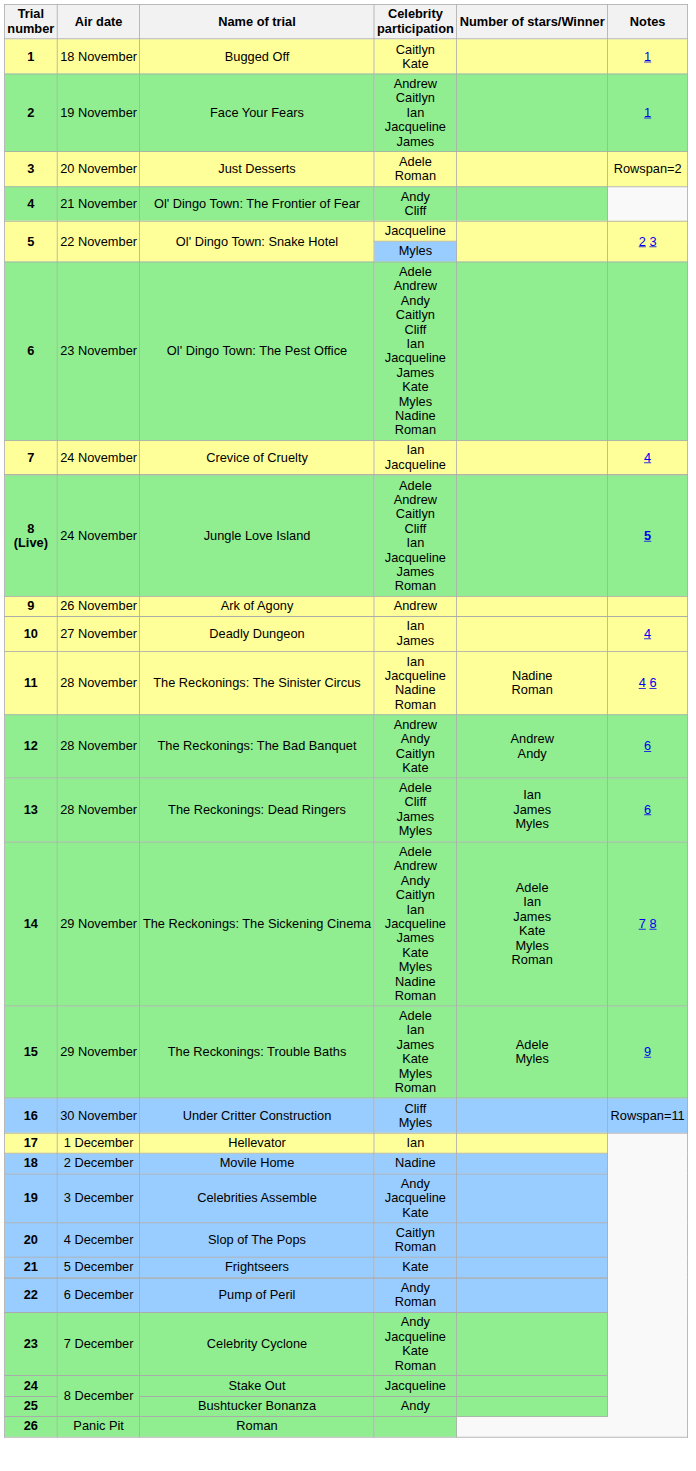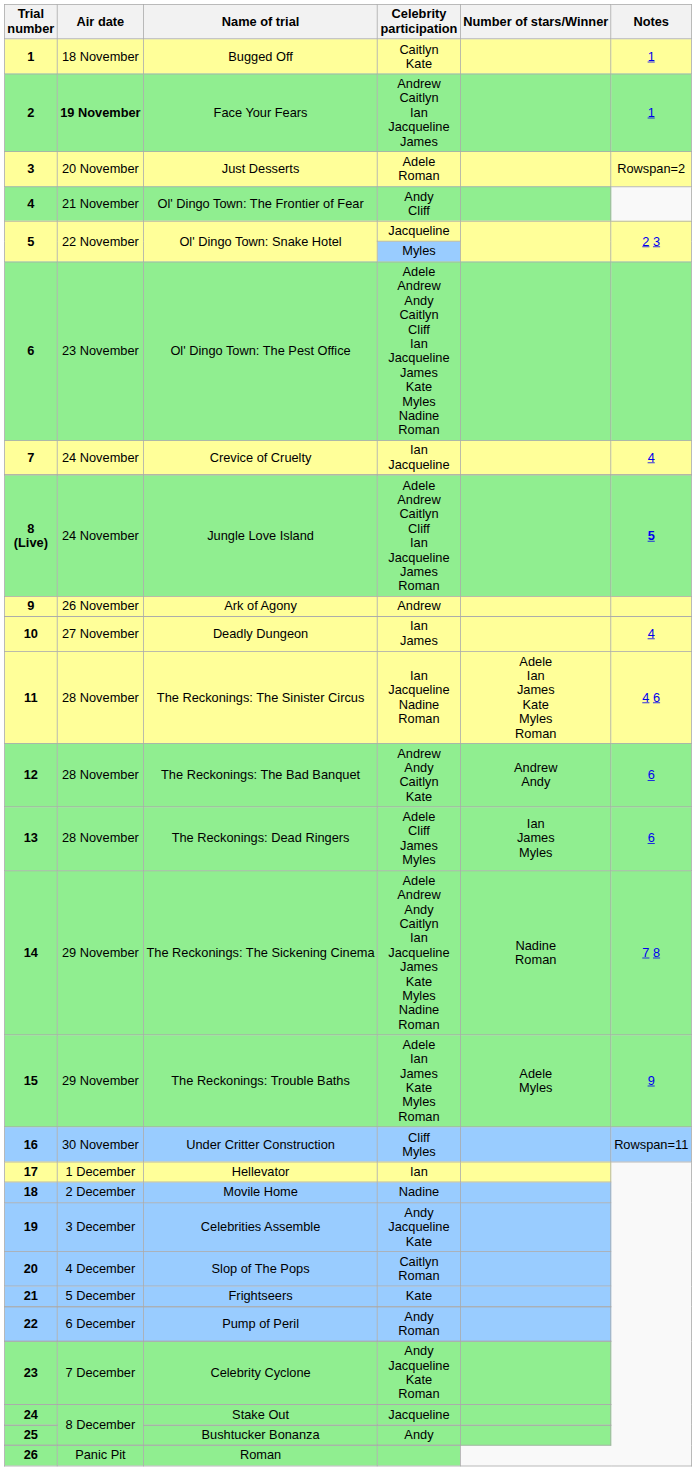 <table class=wikitable style="text-align:center">
 <tr>
 <th scope="col">Trial<br>number</th>
 <th scope="col">Air date</th>
 <th scope="col">Name of trial</th>
 <th scope="col">Celebrity<br>participation</th>
 <th scope="col">Number of stars/Winner</th>
 <th scope="col">Notes</th>
 </tr>
 <tr style="background:#ff9;">
 <td><strong>1</strong></td>
 <td>18 November</td>
 <td>Bugged Off</td>
 <td>Caitlyn<br>Kate</td>
 <td></td>
 <td><a href='#'>1</a></td>
 </tr>
 <tr style="background:lightgreen;">
 <td><strong>2</strong></td>
-<td>19 November</td>
+<td><strong>19 November</strong></td>
 <td>Face Your Fears</td>
 <td>Andrew<br>Caitlyn<br>Ian<br>Jacqueline<br>James</td>
 <td></td>
 <td><a href='#'>1</a></td>
 </tr>
 <tr style="background:#ff9;">
 <td><strong>3</strong></td>
 <td>20 November</td>
 <td>Just Desserts</td>
 <td>Adele<br>Roman</td>
 <td></td>
 <td>Rowspan=2</td>
 </tr>
 <tr style="background:lightgreen;">
 <td><strong>4</strong></td>
 <td>21 November</td>
 <td>Ol' Dingo Town: The Frontier of Fear</td>
 <td>Andy<br>Cliff</td>
 <td></td>
 </tr>
 <tr style="background:#ff9;">
 <td rowspan=2><strong>5</strong></td>
 <td rowspan=2>22 November</td>
 <td rowspan=2>Ol' Dingo Town: Snake Hotel</td>
 <td>Jacqueline</td>
 <td rowspan=2></td>
 <td rowspan=2><a href='#'>2</a> <a href='#'>3</a></td>
 </tr>
 <tr style="background:#99CCFF;">
 <td>Myles</td>
 </tr>
 <tr style="background:lightgreen;">
 <td><strong>6</strong></td>
 <td>23 November</td>
 <td>Ol' Dingo Town: The Pest Office</td>
 <td>Adele<br>Andrew<br>Andy<br>Caitlyn<br>Cliff<br>Ian<br>Jacqueline<br>James<br>Kate<br>Myles<br>Nadine<br>Roman</td>
 <td></td>
 <td></td>
 </tr>
 <tr style="background:#ff9;">
 <td><strong>7</strong></td>
 <td>24 November</td>
 <td>Crevice of Cruelty</td>
 <td>Ian<br>Jacqueline</td>
 <td></td>
 <td><a href='#'>4</a></td>
 </tr>
 <tr>
 </tr>
 <tr style="background:lightgreen;">
 <td><strong>8<br>(Live)</strong></td>
 <td>24 November</td>
 <td>Jungle Love Island</td>
 <td>Adele<br>Andrew<br>Caitlyn<br>Cliff<br>Ian<br>Jacqueline<br>James<br>Roman</td>
 <td></td>
 <td><strong><a href='#'>5</a></strong></td>
 </tr>
 <tr style="background:#ff9;">
 <td><strong>9</strong></td>
 <td>26 November</td>
 <td>Ark of Agony</td>
 <td>Andrew</td>
 <td></td>
 <td></td>
 </tr>
 <tr>
 </tr>
 <tr style="background:#ff9;">
 <td><strong>10</strong></td>
 <td>27 November</td>
 <td>Deadly Dungeon</td>
 <td>Ian<br>James</td>
 <td></td>
 <td><a href='#'>4</a></td>
 </tr>
 <tr style="background:#ff9;">
 <td><strong>11</strong></td>
 <td>28 November</td>
 <td>The Reckonings: The Sinister Circus</td>
 <td>Ian<br>Jacqueline<br>Nadine<br>Roman</td>
-<td>Nadine<br>Roman</td>
+<td>Adele<br>Ian<br>James<br>Kate<br>Myles<br>Roman<br></td>
 <td><a href='#'>4</a> <a href='#'>6</a></td>
 </tr>
 <tr style="background:lightgreen;">
 <td><strong>12</strong></td>
 <td>28 November</td>
 <td>The Reckonings: The Bad Banquet</td>
 <td>Andrew<br>Andy<br>Caitlyn<br>Kate</td>
 <td>Andrew<br>Andy</td>
 <td><a href='#'>6</a></td>
 </tr>
 <tr style="background:lightgreen;">
 <td><strong>13</strong></td>
 <td>28 November</td>
 <td>The Reckonings: Dead Ringers</td>
 <td>Adele<br>Cliff<br>James<br>Myles</td>
 <td>Ian<br>James<br>Myles</td>
 <td><a href='#'>6</a></td>
 </tr>
 <tr style="background:lightgreen;">
 <td><strong>14</strong></td>
 <td>29 November</td>
 <td>The Reckonings: The Sickening Cinema</td>
 <td>Adele<br>Andrew<br>Andy<br>Caitlyn<br>Ian<br>Jacqueline<br>James<br>Kate<br>Myles<br>Nadine<br>Roman</td>
-<td>Adele<br>Ian<br>James<br>Kate<br>Myles<br>Roman<br></td>
+<td>Nadine<br>Roman</td>
 <td><a href='#'>7</a> <a href='#'>8</a></td>
 </tr>
 <tr style="background:lightgreen;">
 <td><strong>15</strong></td>
 <td>29 November</td>
 <td>The Reckonings: Trouble Baths</td>
 <td>Adele<br>Ian<br>James<br>Kate<br>Myles<br>Roman</td>
 <td>Adele<br>Myles</td>
 <td><a href='#'>9</a></td>
 </tr>
 <tr style="background:#99CCFF;">
 <td><strong>16</strong></td>
 <td>30 November</td>
 <td>Under Critter Construction</td>
 <td>Cliff<br>Myles</td>
 <td></td>
 <td>Rowspan=11</td>
 </tr>
 <tr style="background:#ff9;">
 <td><strong>17</strong></td>
 <td>1 December</td>
 <td>Hellevator</td>
 <td>Ian</td>
 <td></td>
 </tr>
 <tr style="background:#99CCFF;">
 <td><strong>18</strong></td>
 <td>2 December</td>
 <td>Movile Home</td>
 <td>Nadine</td>
 <td></td>
 </tr>
 <tr style="background:#99CCFF;">
 <td><strong>19</strong></td>
 <td>3 December</td>
 <td>Celebrities Assemble</td>
 <td>Andy<br>Jacqueline<br>Kate</td>
 <td></td>
 </tr>
 <tr style="background:#99CCFF;">
 <td><strong>20</strong></td>
 <td>4 December</td>
 <td>Slop of The Pops</td>
 <td>Caitlyn<br>Roman</td>
 <td></td>
 </tr>
 <tr style="background:#99CCFF;">
 <td><strong>21</strong></td>
 <td>5 December</td>
 <td>Frightseers</td>
 <td>Kate</td>
 <td></td>
 </tr>
 <tr>
 </tr>
 <tr style="background:#99CCFF;">
 <td><strong>22</strong></td>
 <td>6 December</td>
 <td>Pump of Peril</td>
 <td>Andy<br>Roman</td>
 <td></td>
 </tr>
 <tr>
 </tr>
 <tr style="background:lightgreen;">
 <td><strong>23</strong></td>
 <td>7 December</td>
 <td>Celebrity Cyclone</td>
 <td>Andy<br>Jacqueline<br>Kate<br>Roman</td>
 <td></td>
 </tr>
 <tr>
 </tr>
 <tr style="background:lightgreen;">
 <td><strong>24</strong></td>
 <td rowspan="3">8 December</td>
 <td>Stake Out</td>
 <td>Jacqueline</td>
 <td></td>
 </tr>
 <tr>
 </tr>
 <tr style="background:lightgreen;">
 <td><strong>25</strong></td>
 <td>Bushtucker Bonanza</td>
 <td>Andy</td>
 <td></td>
 </tr>
 <tr>
 </tr>
 <tr style="background:lightgreen;">
 <td><strong>26</strong></td>
 <td>Panic Pit</td>
 <td>Roman</td>
 <td></td>
 </tr>
 </table>
